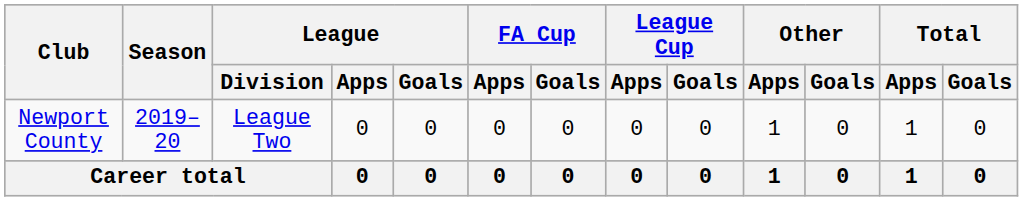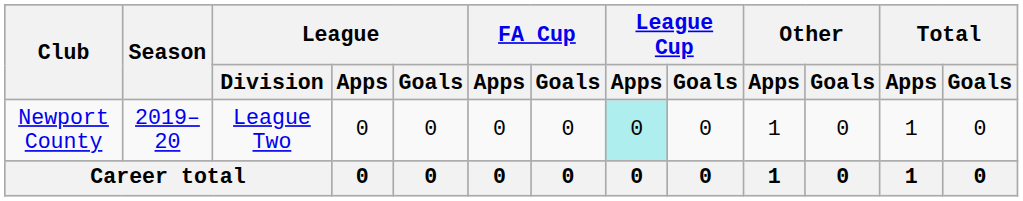 <table class="wikitable" style="text-align: center">
 <tr>
 <th rowspan="2">Club</th>
 <th rowspan="2">Season</th>
 <th colspan="3">League</th>
 <th colspan="2"><a href='#'>FA Cup</a></th>
 <th colspan="2"><a href='#'>League Cup</a></th>
 <th colspan="2">Other</th>
 <th colspan="2">Total</th>
 </tr>
 <tr>
 <th>Division</th>
 <th>Apps</th>
 <th>Goals</th>
 <th>Apps</th>
 <th>Goals</th>
 <th>Apps</th>
 <th>Goals</th>
 <th>Apps</th>
 <th>Goals</th>
 <th>Apps</th>
 <th>Goals</th>
 </tr>
 <tr>
 <td><a href='#'>Newport County</a></td>
 <td><a href='#'>2019–20</a></td>
 <td><a href='#'>League Two</a></td>
 <td>0</td>
 <td>0</td>
 <td>0</td>
 <td>0</td>
-<td>0</td>
+<td style="background: paleturquoise;">0</td>
 <td>0</td>
 <td>1</td>
 <td>0</td>
 <td>1</td>
 <td>0</td>
 </tr>
 <tr>
 <th colspan="3">Career total</th>
 <th>0</th>
 <th>0</th>
 <th>0</th>
 <th>0</th>
 <th>0</th>
 <th>0</th>
 <th>1</th>
 <th>0</th>
 <th>1</th>
 <th>0</th>
 </tr>
 </table>
